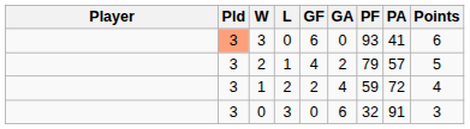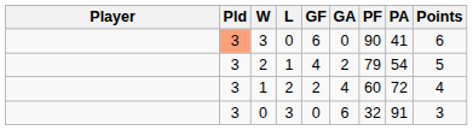 <table class=wikitable style="text-align:center">
 <tr>
 <th width=220>Player</th>
 <th width=20>Pld</th>
 <th width=20>W</th>
 <th width=20>L</th>
 <th width=20>GF</th>
 <th width=20>GA</th>
 <th width=20>PF</th>
 <th width=20>PA</th>
 <th width=50>Points</th>
 </tr>
 <tr>
 <td align=left></td>
 <td style="background: lightsalmon;">3</td>
 <td>3</td>
 <td>0</td>
 <td>6</td>
 <td>0</td>
-<td>93</td>
+<td>90</td>
 <td>41</td>
 <td>6</td>
 </tr>
 <tr>
 <td align=left></td>
 <td>3</td>
 <td>2</td>
 <td>1</td>
 <td>4</td>
 <td>2</td>
 <td>79</td>
-<td>57</td>
+<td>54</td>
 <td>5</td>
 </tr>
 <tr>
 <td align=left></td>
 <td>3</td>
 <td>1</td>
 <td>2</td>
 <td>2</td>
 <td>4</td>
-<td>59</td>
+<td>60</td>
 <td>72</td>
 <td>4</td>
 </tr>
 <tr>
 <td align=left></td>
 <td>3</td>
 <td>0</td>
 <td>3</td>
 <td>0</td>
 <td>6</td>
 <td>32</td>
 <td>91</td>
 <td>3</td>
 </tr>
 </table>
